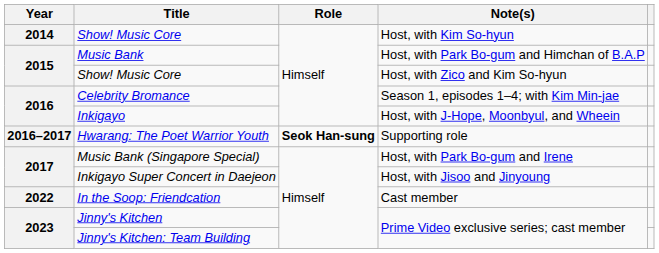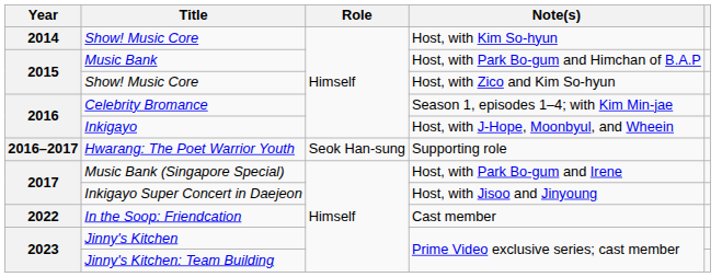 <table class="wikitable plainrowheaders">
 <tr>
 <th scope="col">Year</th>
 <th scope="col">Title</th>
 <th scope="col">Role</th>
 <th scope="col">Note(s)</th>
 <th scope="col"></th>
 </tr>
 <tr>
 <th scope="row">2014</th>
 <td><em><a href='#'>Show! Music Core</a></em></td>
 <td rowspan="5">Himself</td>
 <td>Host, with <a href='#'>Kim So-hyun</a></td>
 <td style="text-align:center;"></td>
 </tr>
 <tr>
 <th scope="row" rowspan="2">2015</th>
 <td><em><a href='#'>Music Bank</a></em></td>
 <td>Host, with <a href='#'>Park Bo-gum</a> and Himchan of <a href='#'>B.A.P</a></td>
 <td style="text-align:center;"></td>
 </tr>
 <tr>
 <td><em>Show! Music Core</em></td>
 <td>Host, with <a href='#'>Zico</a> and Kim So-hyun</td>
 <td style="text-align:center;"></td>
 </tr>
 <tr>
 <th scope="row" rowspan="2">2016</th>
 <td><em><a href='#'>Celebrity Bromance</a></em></td>
 <td>Season 1, episodes 1–4; with <a href='#'>Kim Min-jae</a></td>
 <td style="text-align:center"></td>
 </tr>
 <tr>
 <td><em><a href='#'>Inkigayo</a></em></td>
 <td>Host, with <a href='#'>J-Hope</a>, <a href='#'>Moonbyul</a>, and <a href='#'>Wheein</a></td>
 <td style="text-align:center;"></td>
 </tr>
 <tr>
 <th scope="row">2016–2017</th>
 <td><em><a href='#'>Hwarang: The Poet Warrior Youth</a></em></td>
-<td><strong>Seok Han-sung</strong></td>
+<td>Seok Han-sung</td>
 <td>Supporting role</td>
 <td style="text-align:center"></td>
 </tr>
 <tr>
 <th scope="row" rowspan="2">2017</th>
 <td><em>Music Bank (Singapore Special)</em></td>
 <td rowspan="5">Himself</td>
 <td>Host, with <a href='#'>Park Bo-gum</a> and <a href='#'>Irene</a></td>
 <td style="text-align:center;"></td>
 </tr>
 <tr>
 <td><em>Inkigayo Super Concert in Daejeon</em></td>
 <td>Host, with <a href='#'>Jisoo</a> and <a href='#'>Jinyoung</a></td>
 <td style="text-align:center;"></td>
 </tr>
 <tr>
 <th scope="row">2022</th>
 <td><em><a href='#'>In the Soop: Friendcation</a></em></td>
 <td>Cast member</td>
 <td style="text-align:center"></td>
 </tr>
 <tr>
 <th scope="row" rowspan="2">2023</th>
 <td><em><a href='#'>Jinny's Kitchen</a></em></td>
 <td rowspan="2"><a href='#'>Prime Video</a> exclusive series; cast member</td>
 <td style="text-align:center"></td>
 </tr>
 <tr>
 <td><em><a href='#'>Jinny's Kitchen: Team Building</a></em></td>
 <td style="text-align:center"></td>
 </tr>
 </table>
